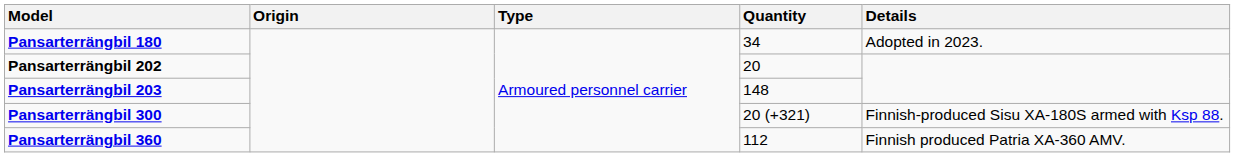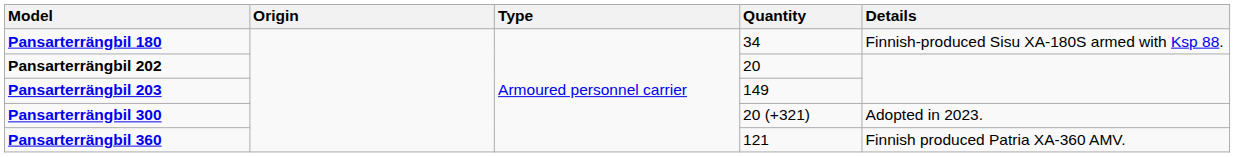 <table class="wikitable" style="width:100%;">
 <tr>
 <th style="text-align:left;width:20%;">Model</th>
 <th style="text-align:left;width:20%;">Origin</th>
 <th style="text-align:left;width:20%;">Type</th>
 <th style="text-align:left;width:10%;">Quantity</th>
 <th style="text-align:left;width:30%;">Details</th>
 </tr>
 <tr>
 <td><strong><a href='#'>Pansar­terräng­bil 180</a></strong></td>
 <td rowspan="5"></td>
 <td rowspan="5"><a href='#'>Armoured personnel carrier</a></td>
 <td>34</td>
-<td>Adopted in 2023.</td>
+<td>Finnish-produced Sisu XA-180S armed with <a href='#'>Ksp 88</a>.</td>
 </tr>
 <tr>
 <td><strong>Pansar­terräng­bil 202</strong></td>
 <td>20</td>
 <td rowspan="2"></td>
 </tr>
 <tr>
 <td><strong><a href='#'>Pansar­terräng­bil 203</a></strong></td>
-<td>148</td>
+<td>149</td>
 </tr>
 <tr>
 <td><strong><a href='#'>Pansar­terräng­bil 300</a></strong></td>
 <td>20 (+321)</td>
-<td>Finnish-produced Sisu XA-180S armed with <a href='#'>Ksp 88</a>.</td>
+<td>Adopted in 2023.</td>
 </tr>
 <tr>
 <td><strong><a href='#'>Pansar­terräng­bil 360</a></strong></td>
-<td>112</td>
+<td>121</td>
 <td>Finnish produced Patria XA-360 AMV.</td>
 </tr>
 </table>
